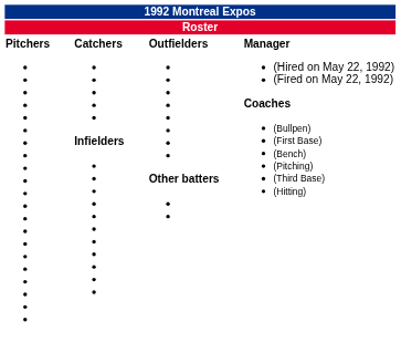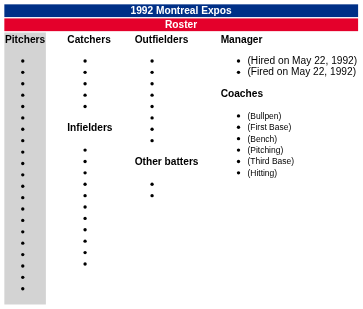 <table class="toccolours" style="font-size: 95%;">
 <tr>
 <th colspan="10" style="background-color: #003087; color: #FFFFFF; text-align: center;">1992 Montreal Expos</th>
 </tr>
 <tr>
 <td colspan="10" style="background-color: #E4002B; color: #FFFFFF; text-align: center;"><strong>Roster</strong></td>
 </tr>
 <tr>
-<td valign="top"><strong>Pitchers</strong><br><ul><li></li><li></li><li></li><li></li><li></li><li></li><li></li><li></li><li></li><li></li><li></li><li></li><li></li><li></li><li></li><li></li><li></li><li></li><li></li><li></li><li></li></ul></td>
+<td valign="top" style="background: lightgrey;"><strong>Pitchers</strong><br><ul><li></li><li></li><li></li><li></li><li></li><li></li><li></li><li></li><li></li><li></li><li></li><li></li><li></li><li></li><li></li><li></li><li></li><li></li><li></li><li></li><li></li></ul></td>
 <td width="25px"></td>
 <td valign="top"><strong>Catchers</strong><br><ul><li></li><li></li><li></li><li></li><li></li></ul><strong>Infielders</strong><ul><li></li><li></li><li></li><li></li><li></li><li></li><li></li><li></li><li></li><li></li><li></li></ul></td>
 <td width="25px"></td>
 <td valign="top"><strong>Outfielders</strong><br><ul><li></li><li></li><li></li><li></li><li></li><li></li><li></li><li></li></ul><strong>Other batters</strong><ul><li></li><li></li></ul></td>
 <td width="25px"></td>
 <td valign="top"><strong>Manager</strong><br><ul><li> (Hired on May 22, 1992)</li><li> (Fired on May 22, 1992)</li></ul><strong>Coaches</strong><ul><li> <small>(Bullpen)</small></li><li> <small>(First Base)</small></li><li> <small>(Bench)</small></li><li> <small>(Pitching)</small></li><li> <small>(Third Base)</small></li><li> <small>(Hitting)</small></li></ul></td>
 </tr>
 <tr>
 </tr>
 </table>
